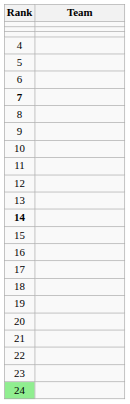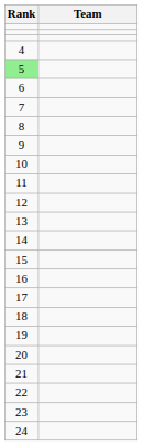 <table class=wikitable style="text-align:center;">
 <tr>
 <th>Rank</th>
 <th width=125>Team</th>
 </tr>
 <tr>
 <td></td>
 <td align=left></td>
 </tr>
 <tr>
 <td></td>
 <td align=left></td>
 </tr>
 <tr>
 <td></td>
 <td align=left></td>
 </tr>
 <tr>
 <td>4</td>
 <td align=left></td>
 </tr>
 <tr>
-<td>5</td>
+<td style="background: lightgreen;">5</td>
 <td align=left></td>
 </tr>
 <tr>
 <td>6</td>
 <td align=left></td>
 </tr>
 <tr>
-<td><strong>7</strong></td>
+<td>7</td>
 <td align=left></td>
 </tr>
 <tr>
 <td>8</td>
 <td align=left></td>
 </tr>
 <tr>
 <td>9</td>
 <td align=left></td>
 </tr>
 <tr>
 <td>10</td>
 <td align=left></td>
 </tr>
 <tr>
 <td>11</td>
 <td align=left></td>
 </tr>
 <tr>
 <td>12</td>
 <td align=left></td>
 </tr>
 <tr>
 <td>13</td>
 <td align=left></td>
 </tr>
 <tr>
-<td><strong>14</strong></td>
+<td>14</td>
 <td align=left></td>
 </tr>
 <tr>
 <td>15</td>
 <td align=left></td>
 </tr>
 <tr>
 <td>16</td>
 <td align=left></td>
 </tr>
 <tr>
 <td>17</td>
 <td align=left></td>
 </tr>
 <tr>
 <td>18</td>
 <td align=left></td>
 </tr>
 <tr>
 <td>19</td>
 <td align=left></td>
 </tr>
 <tr>
 <td>20</td>
 <td align=left></td>
 </tr>
 <tr>
 <td>21</td>
 <td align=left></td>
 </tr>
 <tr>
 <td>22</td>
 <td align=left></td>
 </tr>
 <tr>
 <td>23</td>
 <td align=left></td>
 </tr>
 <tr>
-<td style="background: lightgreen;">24</td>
+<td>24</td>
 <td align=left></td>
 </tr>
 </table>
